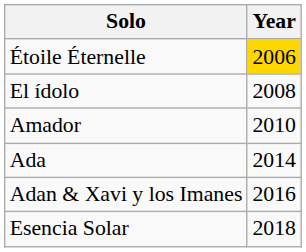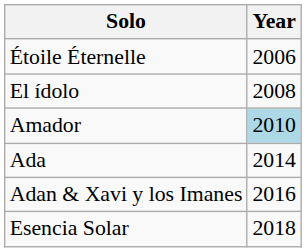 <table class="wikitable">
 <tr>
 <th>Solo</th>
 <th>Year</th>
 </tr>
 <tr>
 <td>Étoile Éternelle</td>
-<td style="background: gold;">2006</td>
+<td>2006</td>
 </tr>
 <tr>
 <td>El ídolo</td>
 <td>2008</td>
 </tr>
 <tr>
 <td>Amador</td>
-<td>2010</td>
+<td style="background: lightblue;">2010</td>
 </tr>
 <tr>
 <td>Ada</td>
 <td>2014</td>
 </tr>
 <tr>
 <td>Adan & Xavi y los Imanes</td>
 <td>2016</td>
 </tr>
 <tr>
 <td>Esencia Solar</td>
 <td>2018</td>
 </tr>
 </table>
